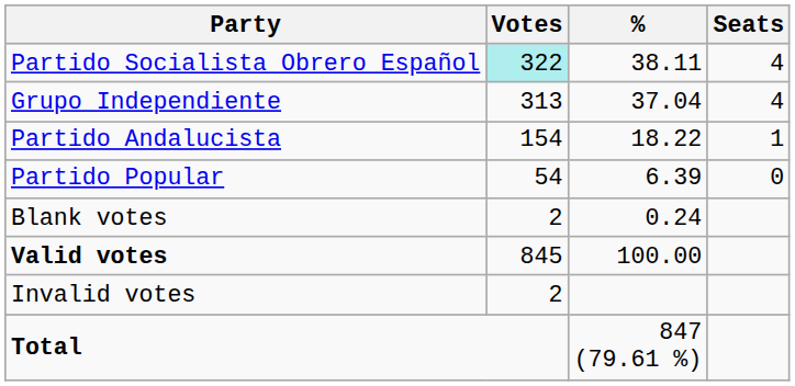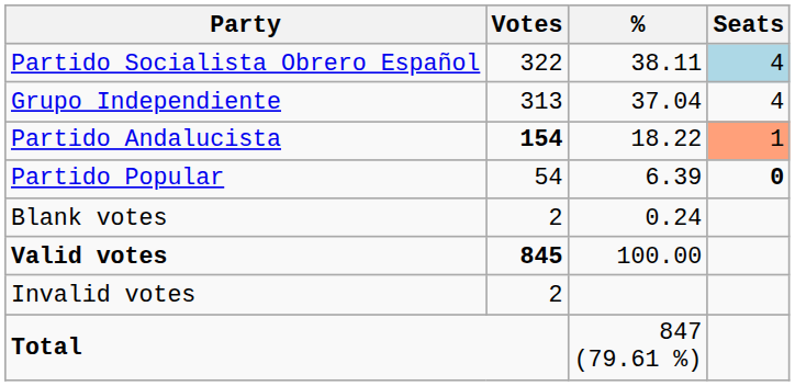 <table class="wikitable" border="1">
 <tr style="background-color:#E9E9E9">
 <th>Party</th>
 <th>Votes</th>
 <th>%</th>
 <th>Seats</th>
 </tr>
 <tr>
 <td><a href='#'>Partido Socialista Obrero Español</a></td>
-<td align="right" style="background: paleturquoise;">322</td>
+<td align="right">322</td>
 <td align="right">38.11</td>
-<td align="right">4</td>
+<td align="right" style="background: lightblue;">4</td>
 </tr>
 <tr>
 <td><a href='#'>Grupo Independiente</a></td>
 <td align="right">313</td>
 <td align="right">37.04</td>
 <td align="right">4</td>
 </tr>
 <tr>
 <td><a href='#'>Partido Andalucista</a></td>
-<td align="right">154</td>
+<td align="right"><strong>154</strong></td>
 <td align="right">18.22</td>
-<td align="right">1</td>
+<td align="right" style="background: lightsalmon;">1</td>
 </tr>
 <tr>
 <td><a href='#'>Partido Popular</a></td>
 <td align="right">54</td>
 <td align="right">6.39</td>
-<td align="right">0</td>
+<td align="right"><strong>0</strong></td>
 </tr>
 <tr>
 <td>Blank votes</td>
 <td align="right">2</td>
 <td align="right">0.24</td>
 <td> </td>
 </tr>
 <tr>
 <td><strong>Valid votes</strong></td>
-<td align="right">845</td>
+<td align="right"><strong>845</strong></td>
 <td align="right">100.00</td>
 <td> </td>
 </tr>
 <tr>
 <td>Invalid votes</td>
 <td align="right">2</td>
 <td> </td>
 <td> </td>
 </tr>
 <tr>
 <td colspan="2"><strong>Total</strong></td>
 <td align="right">847<br>(79.61 %)</td>
 <td></td>
 </tr>
 </table>
